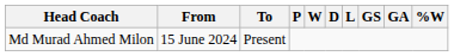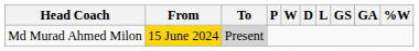 <table class="wikitable sortable" style="text-align: center">
 <tr>
 <th>Head Coach</th>
 <th class="unsortable">From</th>
 <th class="unsortable">To</th>
 <th abbr="3">P</th>
 <th abbr="1">W</th>
 <th abbr="1">D</th>
 <th abbr="1">L</th>
 <th abbr="4">GS</th>
 <th abbr="6">GA</th>
 <th abbr="50">%W</th>
 </tr>
 <tr>
 <td align="left"> Md Murad Ahmed Milon</td>
-<td align="left">15 June 2024</td>
-<td align="left">Present<br></td>
+<td align="left" style="background: gold;">15 June 2024</td>
+<td align="left" style="background: lightgrey;">Present<br></td>
 </tr>
 </table>
